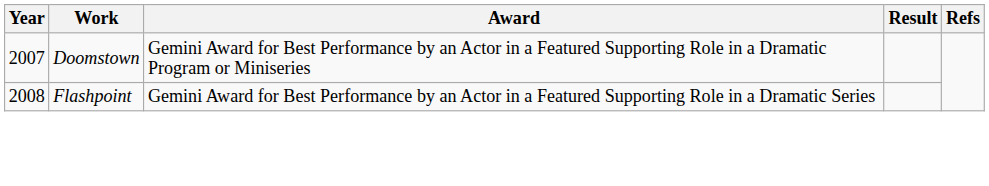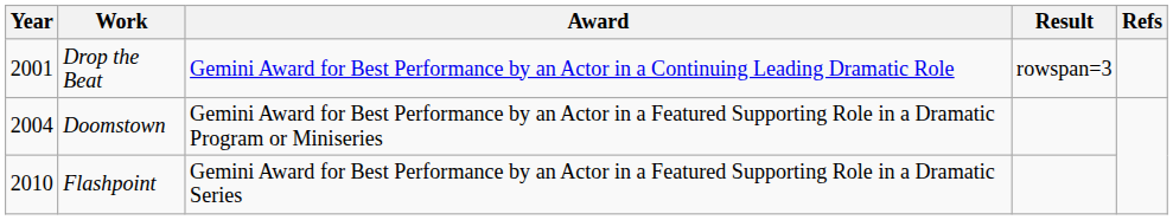 <table class="wikitable sortable">
 <tr>
 <th>Year</th>
 <th>Work</th>
 <th>Award</th>
 <th>Result</th>
 <th>Refs</th>
 </tr>
 <tr>
-<td>2007</td>
+<td>2001</td>
+<td><em>Drop the Beat</em></td>
+<td><a href='#'>Gemini Award for Best Performance by an Actor in a Continuing Leading Dramatic Role</a></td>
+<td>rowspan=3 </td>
+<td></td>
+</tr>
+<tr>
+<td>2004</td>
 <td><em>Doomstown</em></td>
 <td>Gemini Award for Best Performance by an Actor in a Featured Supporting Role in a Dramatic Program or Miniseries</td>
 <td></td>
 </tr>
 <tr>
-<td>2008</td>
+<td>2010</td>
 <td><em>Flashpoint</em></td>
 <td>Gemini Award for Best Performance by an Actor in a Featured Supporting Role in a Dramatic Series</td>
 <td></td>
 </tr>
 </table>
